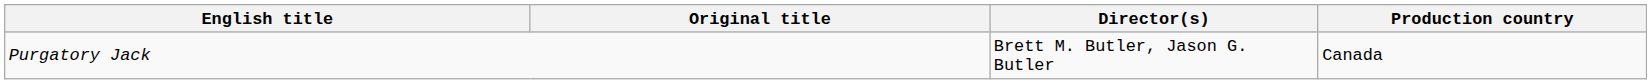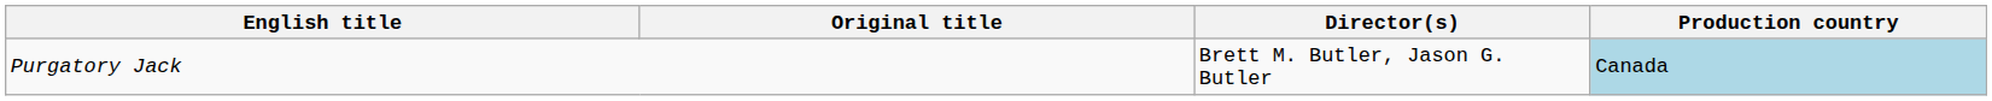 <table class="wikitable" width=100%>
 <tr>
 <th scope="col" width="32%">English title</th>
 <th scope="col" width="28%">Original title</th>
 <th scope="col" width="20%">Director(s)</th>
 <th scope="col" width="20%">Production country</th>
 </tr>
 <tr>
 <td colspan=2><em>Purgatory Jack</em></td>
 <td>Brett M. Butler, Jason G. Butler</td>
-<td>Canada</td>
+<td style="background: lightblue;">Canada</td>
 </tr>
 </table>
